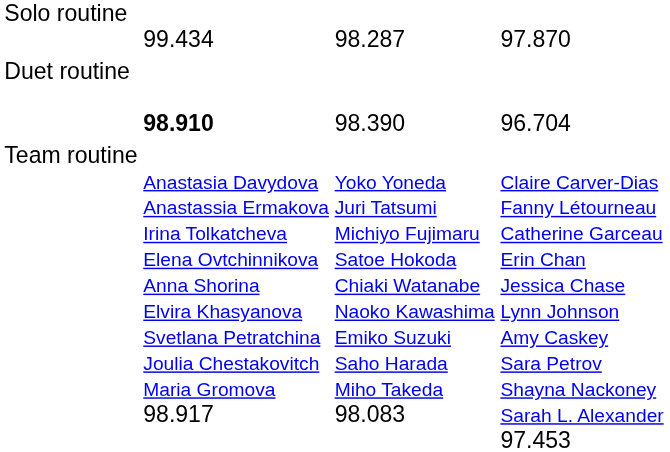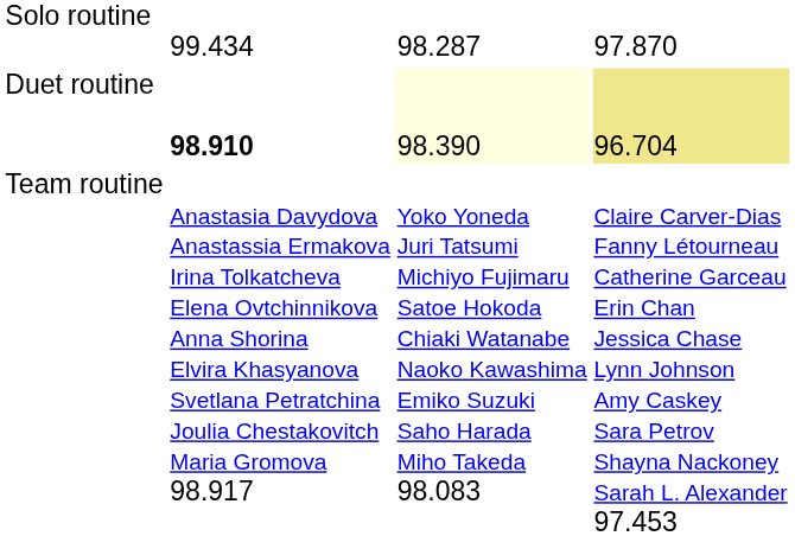 <table>
 <tr valign="top">
 <td>Solo routine<br><div></div></td>
 <td><br>99.434</td>
 <td><br>98.287</td>
 <td><br>97.870</td>
 </tr>
 <tr valign="top">
 <td>Duet routine<br><div></div></td>
 <td><strong><br><br>98.910</strong></td>
-<td><br><br>98.390</td>
-<td><br><br>96.704</td>
+<td style="background: lightyellow;"><br><br>98.390</td>
+<td style="background: khaki;"><br><br>96.704</td>
 </tr>
 <tr valign="top">
 <td>Team routine<br><div></div></td>
 <td><br><small><a href='#'>Anastasia Davydova</a><br><a href='#'>Anastassia Ermakova</a><br><a href='#'>Irina Tolkatcheva</a><br><a href='#'>Elena Ovtchinnikova</a><br><a href='#'>Anna Shorina</a><br><a href='#'>Elvira Khasyanova</a><br><a href='#'>Svetlana Petratchina</a><br><a href='#'>Joulia Chestakovitch</a><br><a href='#'>Maria Gromova</a></small><br>98.917</td>
 <td><br><small><a href='#'>Yoko Yoneda</a><br><a href='#'>Juri Tatsumi</a><br><a href='#'>Michiyo Fujimaru</a><br><a href='#'>Satoe Hokoda</a><br><a href='#'>Chiaki Watanabe</a><br><a href='#'>Naoko Kawashima</a><br><a href='#'>Emiko Suzuki</a><br><a href='#'>Saho Harada</a><br><a href='#'>Miho Takeda</a></small><br>98.083</td>
 <td><br><small><a href='#'>Claire Carver-Dias</a><br><a href='#'>Fanny Létourneau</a><br><a href='#'>Catherine Garceau</a><br><a href='#'>Erin Chan</a><br><a href='#'>Jessica Chase</a><br><a href='#'>Lynn Johnson</a><br><a href='#'>Amy Caskey</a><br><a href='#'>Sara Petrov</a><br><a href='#'>Shayna Nackoney</a><br><a href='#'>Sarah L. Alexander</a></small><br>97.453</td>
 </tr>
 </table>
